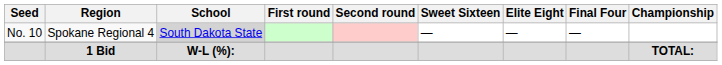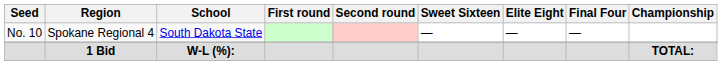 <table class="sortable wikitable" style="white-space:nowrap; font-size:100%;">
 <tr>
 <th>Seed</th>
 <th>Region</th>
 <th>School</th>
 <th>First round</th>
 <th>Second round</th>
 <th>Sweet Sixteen</th>
 <th>Elite Eight</th>
 <th>Final Four</th>
 <th>Championship</th>
 </tr>
 <tr>
 <td>No. 10</td>
 <td>Spokane Regional 4</td>
-<td style="background: lightgrey;"><a href='#'>South Dakota State</a></td>
+<td><a href='#'>South Dakota State</a></td>
 <td style="background:#cfc;"></td>
 <td style="background:#fcc;"></td>
 <td style="background:#fff;">—</td>
 <td style="background:#fff;">—</td>
 <td style="background:#fff;">—</td>
 <td style="background:#fff;"></td>
 </tr>
 <tr>
 </tr>
 <tr class="sortbottom" style="text-align:center; background:#ddd;">
 <td></td>
 <td><strong>1 Bid</strong></td>
 <td><strong>W-L (%):</strong></td>
 <td></td>
 <td></td>
 <td></td>
 <td></td>
 <td></td>
 <td><strong>TOTAL:</strong> </td>
 </tr>
 </table>
